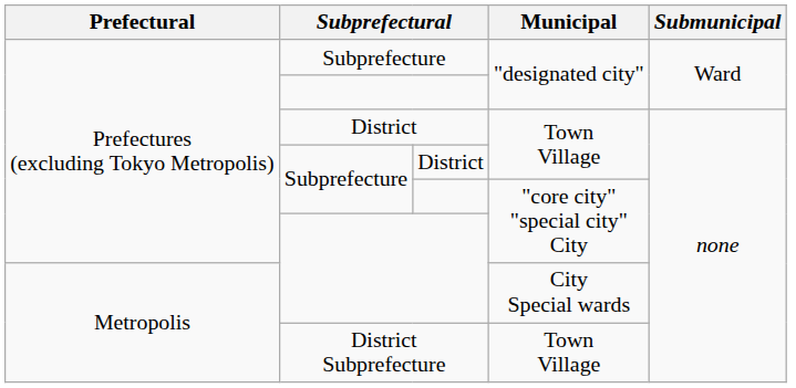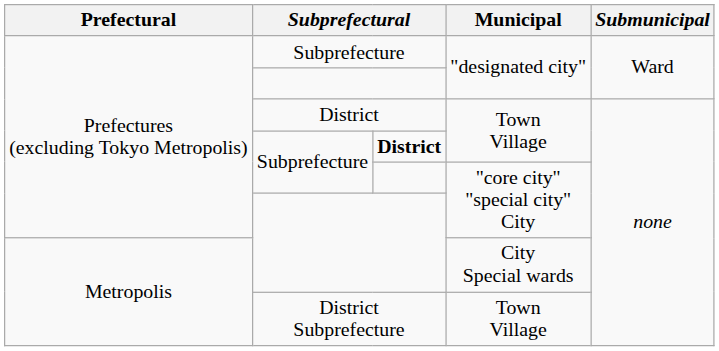 <table class="wikitable" style="text-align:center;">
 <tr>
 <th>Prefectural</th>
 <th colspan="2"><em>Subprefectural</em></th>
 <th>Municipal</th>
 <th><em>Submunicipal</em></th>
 </tr>
 <tr>
 <td rowspan="6">Prefectures<br>(excluding Tokyo Metropolis)</td>
 <td colspan="2">Subprefecture</td>
 <td rowspan="2">"designated city"</td>
 <td rowspan="2">Ward</td>
 </tr>
 <tr>
 <td colspan="2" align="center"> </td>
 </tr>
 <tr>
 <td colspan="2">District</td>
 <td rowspan="2">Town<br>Village</td>
 <td rowspan="6"><em>none</em></td>
 </tr>
 <tr>
 <td rowspan="2">Subprefecture</td>
-<td>District</td>
+<td><strong>District</strong></td>
 </tr>
 <tr>
 <td align="center"> </td>
 <td rowspan="2">"core city"<br>"special city"<br>City</td>
 </tr>
 <tr>
 <td rowspan="2" colspan="2" align="center"> </td>
 </tr>
 <tr>
 <td rowspan="2">Metropolis</td>
 <td>City<br>Special wards</td>
 </tr>
 <tr>
 <td colspan="2">District<br>Subprefecture</td>
 <td>Town<br>Village</td>
 </tr>
 </table>
